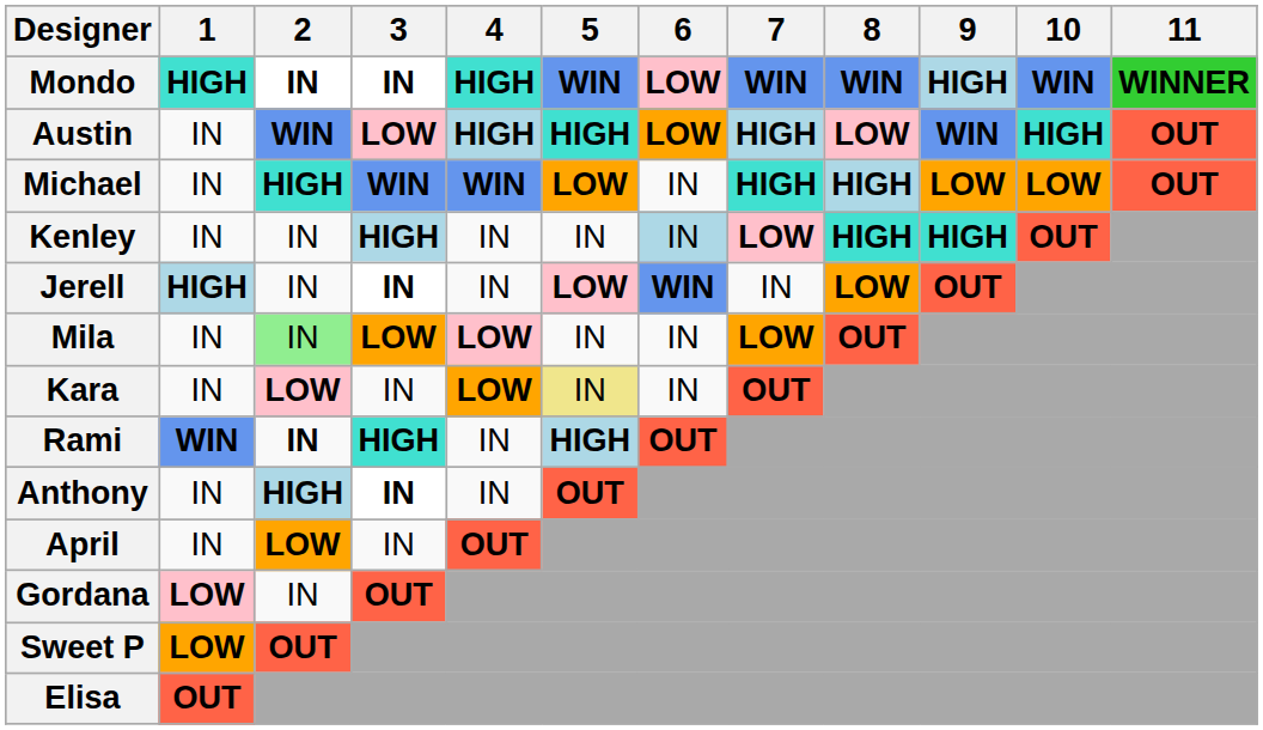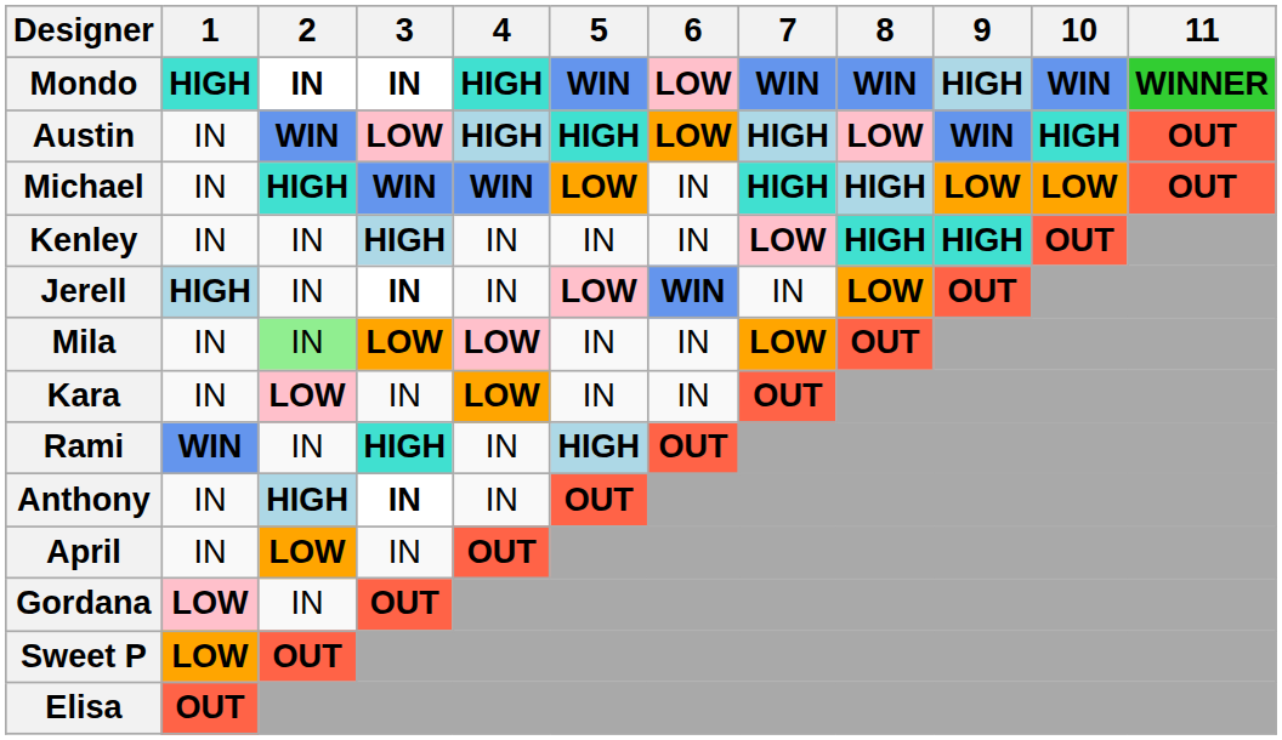 <table class="wikitable" style="text-align:center">
 <tr>
 <th>Designer</th>
 <th>1</th>
 <th>2</th>
 <th>3</th>
 <th>4</th>
 <th>5</th>
 <th>6</th>
 <th>7</th>
 <th>8</th>
 <th>9</th>
 <th>10</th>
 <th>11</th>
 </tr>
 <tr>
 <th>Mondo</th>
 <td style="background:turquoise;"><strong>HIGH</strong></td>
 <td style="background:white;"><strong>IN</strong></td>
 <td style="background:white;"><strong>IN</strong></td>
 <td style="background:turquoise;"><strong>HIGH</strong></td>
 <td style="background:cornflowerblue;"><strong>WIN</strong></td>
 <td style="background:pink;"><strong>LOW</strong></td>
 <td style="background:cornflowerblue;"><strong>WIN</strong></td>
 <td style="background:cornflowerblue;"><strong>WIN</strong></td>
 <td style="background:lightblue;"><strong>HIGH</strong></td>
 <td style="background:cornflowerblue;"><strong>WIN</strong></td>
 <td style="background:limegreen;"><strong>WINNER</strong></td>
 </tr>
 <tr>
 <th>Austin</th>
 <td>IN</td>
 <td style="background:cornflowerblue;"><strong>WIN</strong></td>
 <td style="background:pink;"><strong>LOW</strong></td>
 <td style="background:lightblue;"><strong>HIGH</strong></td>
 <td style="background:turquoise;"><strong>HIGH</strong></td>
 <td style="background:orange;"><strong>LOW</strong></td>
 <td style="background:lightblue;"><strong>HIGH</strong></td>
 <td style="background:pink;"><strong>LOW</strong></td>
 <td style="background:cornflowerblue;"><strong>WIN</strong></td>
 <td style="background:turquoise;"><strong>HIGH</strong></td>
 <td style="background:tomato;"><strong>OUT</strong></td>
 </tr>
 <tr>
 <th>Michael</th>
 <td>IN</td>
 <td style="background:turquoise;"><strong>HIGH</strong></td>
 <td style="background:cornflowerblue;"><strong>WIN</strong></td>
 <td style="background:cornflowerblue;"><strong>WIN</strong></td>
 <td style="background:orange;"><strong>LOW</strong></td>
 <td>IN</td>
 <td style="background:turquoise;"><strong>HIGH</strong></td>
 <td style="background:lightblue;"><strong>HIGH</strong></td>
 <td style="background:orange;"><strong>LOW</strong></td>
 <td style="background:orange;"><strong>LOW</strong></td>
 <td style="background:tomato;"><strong>OUT</strong></td>
 </tr>
 <tr>
 <th>Kenley</th>
 <td>IN</td>
 <td>IN</td>
 <td style="background:lightblue;"><strong>HIGH</strong></td>
 <td>IN</td>
 <td>IN</td>
-<td style="background: lightblue;">IN</td>
+<td>IN</td>
 <td style="background:pink;"><strong>LOW</strong></td>
 <td style="background:turquoise;"><strong>HIGH</strong></td>
 <td style="background:turquoise;"><strong>HIGH</strong></td>
 <td style="background:tomato;"><strong>OUT</strong></td>
 <td style="background:darkgray;" colspan="1"></td>
 </tr>
 <tr>
 <th>Jerell</th>
 <td style="background:lightblue;"><strong>HIGH</strong></td>
 <td>IN</td>
 <td style="background:white;"><strong>IN</strong></td>
 <td>IN</td>
 <td style="background:pink;"><strong>LOW</strong></td>
 <td style="background:cornflowerblue;"><strong>WIN</strong></td>
 <td>IN</td>
 <td style="background:orange;"><strong>LOW</strong></td>
 <td style="background:tomato;"><strong>OUT</strong></td>
 <td style="background:darkgray;" colspan="2"></td>
 </tr>
 <tr>
 <th>Mila</th>
 <td>IN</td>
 <td style="background: lightgreen;">IN</td>
 <td style="background:orange;"><strong>LOW</strong></td>
 <td style="background:pink;"><strong>LOW</strong></td>
 <td>IN</td>
 <td>IN</td>
 <td style="background:orange;"><strong>LOW</strong></td>
 <td style="background:tomato;"><strong>OUT</strong></td>
 <td style="background:darkgray;" colspan="3"></td>
 </tr>
 <tr>
 <th>Kara</th>
 <td>IN</td>
 <td style="background:pink;"><strong>LOW</strong></td>
 <td>IN</td>
 <td style="background:orange;"><strong>LOW</strong></td>
-<td style="background: khaki;">IN</td>
+<td>IN</td>
 <td>IN</td>
 <td style="background:tomato;"><strong>OUT</strong></td>
 <td style="background:darkgray;" colspan="4"></td>
 </tr>
 <tr>
 <th>Rami</th>
 <td style="background:cornflowerblue;"><strong>WIN</strong></td>
-<td><strong>IN</strong></td>
+<td>IN</td>
 <td style="background:turquoise;"><strong>HIGH</strong></td>
 <td>IN</td>
 <td style="background:lightblue;"><strong>HIGH</strong></td>
 <td style="background:tomato;"><strong>OUT</strong></td>
 <td style="background:darkgray;" colspan="5"></td>
 </tr>
 <tr>
 <th>Anthony</th>
 <td>IN</td>
 <td style="background:lightblue;"><strong>HIGH</strong></td>
 <td style="background:white;"><strong>IN</strong></td>
 <td>IN</td>
 <td style="background:tomato;"><strong>OUT</strong></td>
 <td style="background:darkgray;" colspan="6"></td>
 </tr>
 <tr>
 <th>April</th>
 <td>IN</td>
 <td style="background:orange;"><strong>LOW</strong></td>
 <td>IN</td>
 <td style="background:tomato;"><strong>OUT</strong></td>
 <td style="background:darkgray;" colspan="7"></td>
 </tr>
 <tr>
 <th>Gordana</th>
 <td style="background:pink;"><strong>LOW</strong></td>
 <td>IN</td>
 <td style="background:tomato;"><strong>OUT</strong></td>
 <td style="background:darkgray;" colspan="8"></td>
 </tr>
 <tr>
 <th>Sweet P</th>
 <td style="background:orange;"><strong>LOW</strong></td>
 <td style="background:tomato;"><strong>OUT</strong></td>
 <td style="background:darkgray;" colspan="10"></td>
 </tr>
 <tr>
 <th>Elisa</th>
 <td style="background:tomato;"><strong>OUT</strong></td>
 <td style="background:darkgray;" colspan="11"></td>
 </tr>
 </table>
